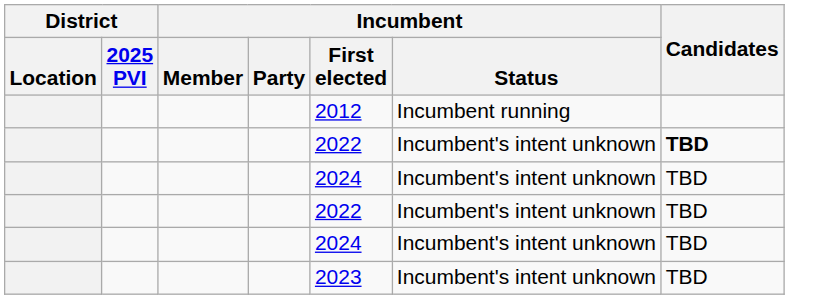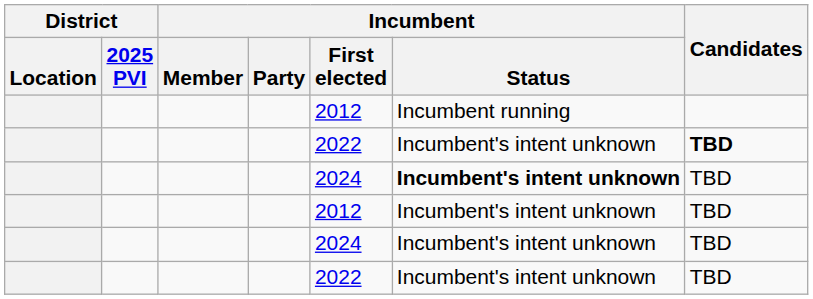 <table class="wikitable sortable">
 <tr>
 <th colspan=2>District</th>
 <th colspan=4>Incumbent</th>
 <th rowspan=2 class="unsortable">Candidates</th>
 </tr>
 <tr valign=bottom>
 <th>Location</th>
 <th><a href='#'>2025<br>PVI</a></th>
 <th>Member</th>
 <th>Party</th>
 <th>First<br>elected</th>
 <th>Status</th>
 </tr>
 <tr>
 <th></th>
 <td></td>
 <td></td>
 <td></td>
 <td><a href='#'>2012 </a></td>
 <td>Incumbent running</td>
 <td></td>
 </tr>
 <tr>
 <th></th>
 <td></td>
 <td></td>
 <td></td>
 <td><a href='#'>2022</a></td>
 <td>Incumbent's intent unknown</td>
 <td><strong>TBD</strong></td>
 </tr>
 <tr>
 <th></th>
 <td></td>
 <td></td>
 <td></td>
 <td><a href='#'>2024</a></td>
-<td>Incumbent's intent unknown</td>
+<td><strong>Incumbent's intent unknown</strong></td>
 <td>TBD</td>
 </tr>
 <tr>
 <th></th>
 <td></td>
 <td></td>
 <td></td>
-<td><a href='#'>2022</a></td>
+<td><a href='#'>2012</a></td>
 <td>Incumbent's intent unknown</td>
 <td>TBD</td>
 </tr>
 <tr>
 <th></th>
 <td></td>
 <td></td>
 <td></td>
 <td><a href='#'>2024</a></td>
 <td>Incumbent's intent unknown</td>
 <td>TBD</td>
 </tr>
 <tr>
 <th></th>
 <td></td>
 <td></td>
 <td></td>
-<td><a href='#'>2023</a></td>
+<td><a href='#'>2022</a></td>
 <td>Incumbent's intent unknown</td>
 <td>TBD</td>
 </tr>
 </table>
